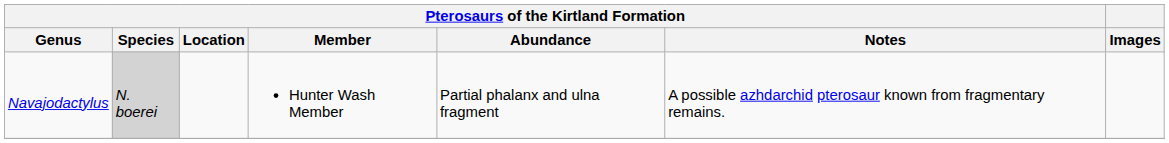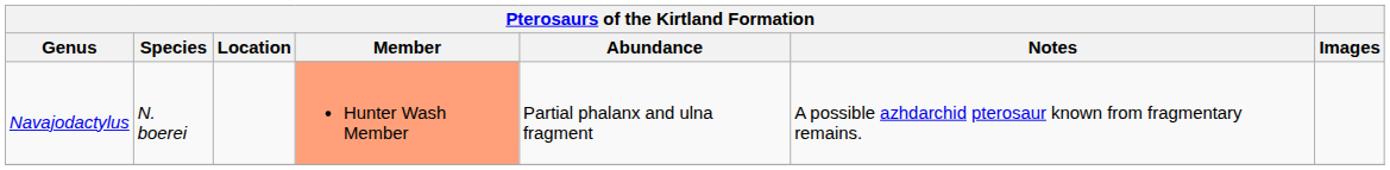 <table class="wikitable" align="center">
 <tr>
 <th colspan="6" align="center"><strong><a href='#'>Pterosaurs</a> of the Kirtland Formation</strong></th>
 <th></th>
 </tr>
 <tr>
 <th>Genus</th>
 <th>Species</th>
 <th>Location</th>
 <th>Member</th>
 <th>Abundance</th>
 <th>Notes</th>
 <th>Images<br></th>
 </tr>
 <tr>
 <td><br><em><a href='#'>Navajodactylus</a></em></td>
-<td style="background: lightgrey;"><br><em>N. boerei</em></td>
+<td><br><em>N. boerei</em></td>
 <td></td>
-<td><br><ul><li>Hunter Wash Member</li></ul></td>
+<td style="background: lightsalmon;"><br><ul><li>Hunter Wash Member</li></ul></td>
 <td><br>Partial phalanx and ulna fragment</td>
 <td><br>A possible <a href='#'>azhdarchid</a> <a href='#'>pterosaur</a> known from fragmentary remains.</td>
 <td></td>
 </tr>
 <tr>
 </tr>
 </table>
